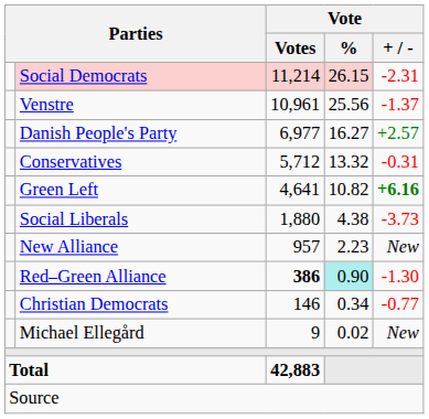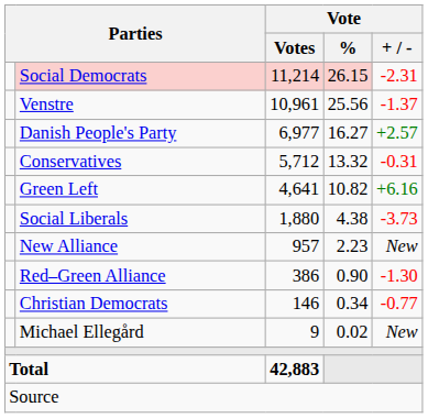 <table class="wikitable" style="text-align:right;">
 <tr>
 <th style="text-align:centre;" rowspan="2" colspan="2" width="225">Parties</th>
 <th colspan="3">Vote</th>
 </tr>
 <tr>
 <th width="15">Votes</th>
 <th width="15">%</th>
 <th width="15">+ / -</th>
 </tr>
 <tr>
 <td width="2" style="color:inherit;background:"></td>
 <td bgcolor=#fbd0ce  align="left"><a href='#'>Social Democrats</a></td>
 <td bgcolor=#fbd0ce>11,214</td>
 <td bgcolor=#fbd0ce>26.15</td>
 <td style=color:red;>-2.31</td>
 </tr>
 <tr>
 <td width="2" style="color:inherit;background:"></td>
 <td align="left"><a href='#'>Venstre</a></td>
 <td>10,961</td>
 <td>25.56</td>
 <td style=color:red;>-1.37</td>
 </tr>
 <tr>
 <td width="2" style="color:inherit;background:"></td>
 <td align="left"><a href='#'>Danish People's Party</a></td>
 <td>6,977</td>
 <td>16.27</td>
 <td style=color:green;>+2.57</td>
 </tr>
 <tr>
 <td width="2" style="color:inherit;background:"></td>
 <td align="left"><a href='#'>Conservatives</a></td>
 <td>5,712</td>
 <td>13.32</td>
 <td style=color:red;>-0.31</td>
 </tr>
 <tr>
 <td width="2" style="color:inherit;background:"></td>
 <td align="left"><a href='#'>Green Left</a></td>
 <td>4,641</td>
 <td>10.82</td>
-<td style=color:green;><strong>+6.16</strong></td>
+<td style=color:green;>+6.16</td>
 </tr>
 <tr>
 <td width="2" style="color:inherit;background:"></td>
 <td align="left"><a href='#'>Social Liberals</a></td>
 <td>1,880</td>
 <td>4.38</td>
 <td style=color:red;>-3.73</td>
 </tr>
 <tr>
 <td width="2" style="color:inherit;background:"></td>
 <td align="left"><a href='#'>New Alliance</a></td>
 <td>957</td>
 <td>2.23</td>
 <td><em>New</em></td>
 </tr>
 <tr>
 <td width="2" style="color:inherit;background:"></td>
 <td align="left"><a href='#'>Red–Green Alliance</a></td>
-<td><strong>386</strong></td>
-<td style="background: paleturquoise;">0.90</td>
+<td>386</td>
+<td>0.90</td>
 <td style=color:red;>-1.30</td>
 </tr>
 <tr>
 <td width="2" style="color:inherit;background:"></td>
 <td align="left"><a href='#'>Christian Democrats</a></td>
 <td>146</td>
 <td>0.34</td>
 <td style=color:red;>-0.77</td>
 </tr>
 <tr>
 <td width="2" style="color:inherit;background:"></td>
 <td align="left">Michael Ellegård</td>
 <td>9</td>
 <td>0.02</td>
 <td><em>New</em></td>
 </tr>
 <tr>
 <td colspan="7" bgcolor="#E9E9E9"></td>
 </tr>
 <tr>
 <td align="left" colspan="2"><strong>Total</strong></td>
 <td><strong>42,883</strong></td>
 <td bgcolor="#E9E9E9" colspan="2"></td>
 </tr>
 <tr>
 <td align="left" colspan="6">Source</td>
 </tr>
 </table>
